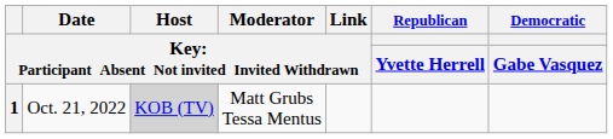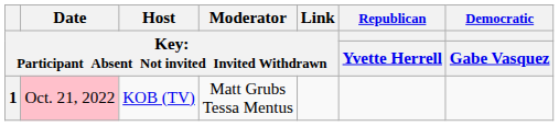 <table class="wikitable" style="text-align:center;">
 <tr>
 <th scope="col"></th>
 <th scope="col">Date</th>
 <th scope="col">Host</th>
 <th scope="col">Moderator</th>
 <th scope="col">Link</th>
 <th scope="col"><small><a href='#'>Republican</a></small></th>
 <th scope="col"><small><a href='#'>Democratic</a></small></th>
 </tr>
 <tr>
 <th colspan="5" rowspan="2">Key:<br> <small>Participant </small>  <small>Absent </small>  <small>Not invited </small>  <small>Invited  Withdrawn</small></th>
 <th scope="col" style="background:"></th>
 <th scope="col" style="background:"></th>
 </tr>
 <tr>
 <th scope="col"><a href='#'>Yvette Herrell</a></th>
 <th scope="col"><a href='#'>Gabe Vasquez</a></th>
 </tr>
 <tr>
 <th>1</th>
-<td style="white-space:nowrap;">Oct. 21, 2022</td>
-<td style="background: lightgrey; white-space:nowrap;"><a href='#'>KOB (TV)</a></td>
+<td style="background: pink; white-space:nowrap;">Oct. 21, 2022</td>
+<td style="white-space:nowrap;"><a href='#'>KOB (TV)</a></td>
 <td style="white-space:nowrap;">Matt Grubs<br>Tessa Mentus</td>
 <td style="white-space:nowrap;"></td>
 <td></td>
 <td></td>
 </tr>
 </table>
